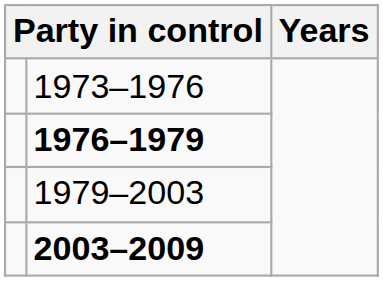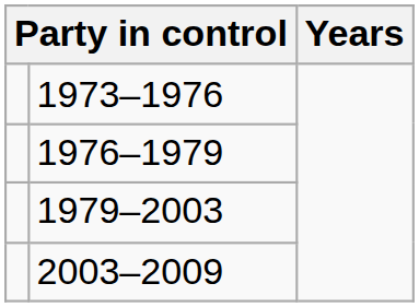 <table class="wikitable">
 <tr>
 <th colspan="2">Party in control</th>
 <th>Years</th>
 </tr>
 <tr>
 <td></td>
 <td>1973–1976</td>
 </tr>
 <tr>
 <td></td>
-<td><strong>1976–1979</strong></td>
+<td>1976–1979</td>
 </tr>
 <tr>
 <td></td>
 <td>1979–2003</td>
 </tr>
 <tr>
 <td></td>
-<td><strong>2003–2009</strong></td>
+<td>2003–2009</td>
 </tr>
 </table>
